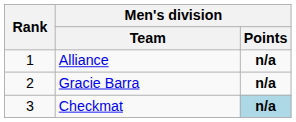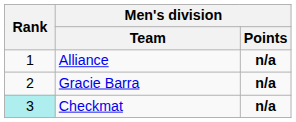 <table class="wikitable" style="text-align:center;">
 <tr>
 <th rowspan="2" width="50">Rank</th>
 <th colspan="2">Men's division</th>
 </tr>
 <tr>
 <th width="200">Team</th>
 <th width="50">Points</th>
 </tr>
 <tr>
 <td>1</td>
 <td style=text-align:left><a href='#'>Alliance</a></td>
 <td><strong>n/a</strong></td>
 </tr>
 <tr>
 <td>2</td>
 <td style=text-align:left><a href='#'>Gracie Barra</a></td>
 <td><strong>n/a</strong></td>
 </tr>
 <tr>
-<td>3</td>
+<td style="background: paleturquoise;">3</td>
 <td style=text-align:left><a href='#'>Checkmat</a></td>
-<td style="background: lightblue;"><strong>n/a</strong></td>
+<td><strong>n/a</strong></td>
 </tr>
 </table>
